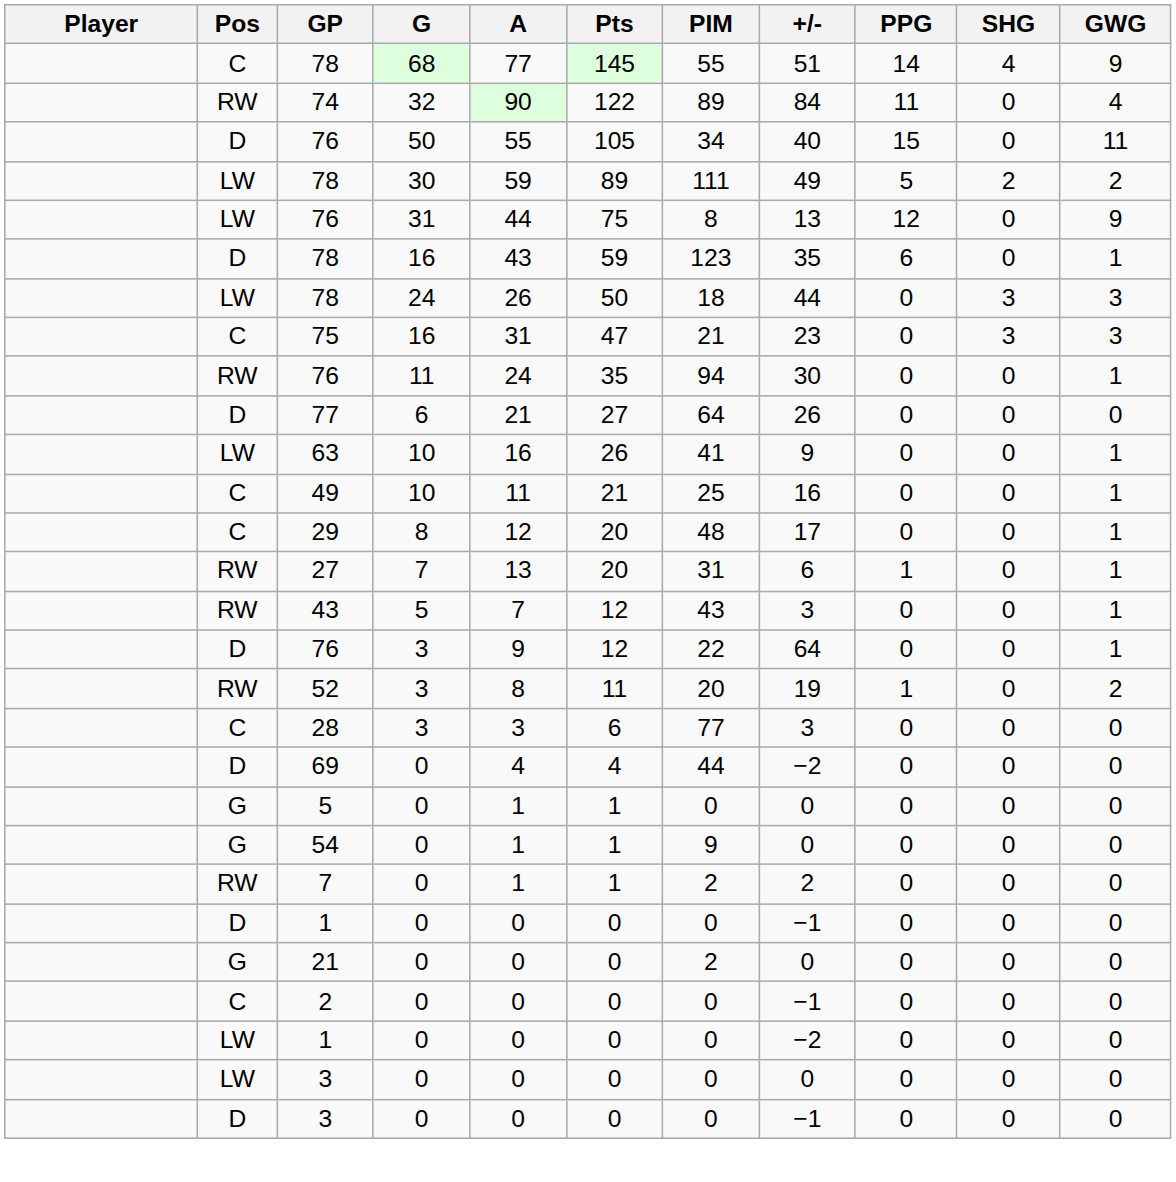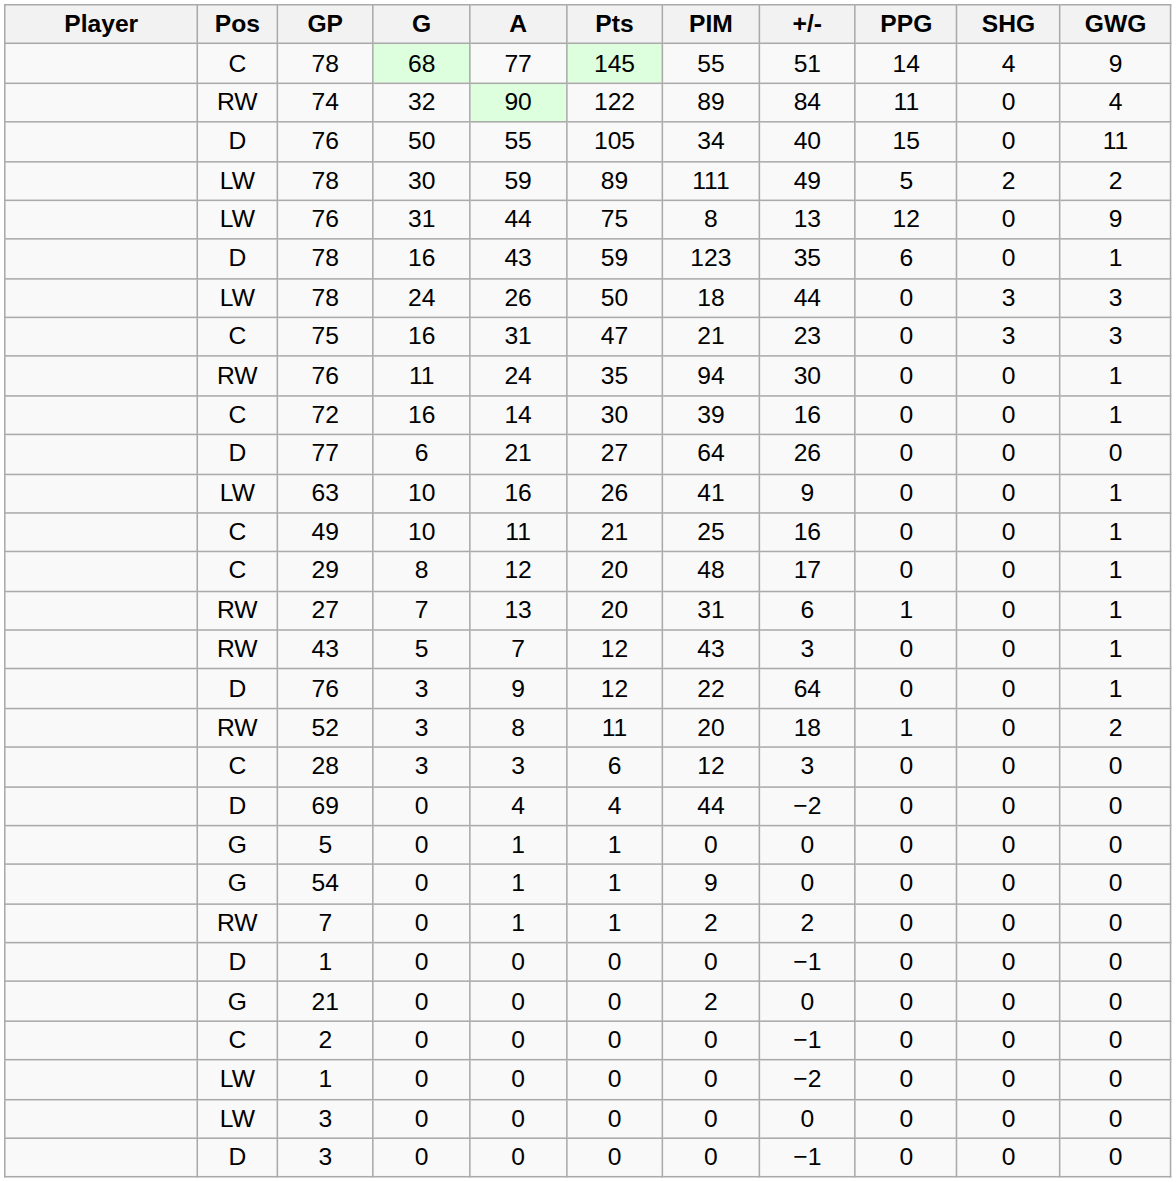 <table class="wikitable sortable" width="60%">
 <tr ALIGN="center">
 <th bgcolor="#DDDDFF" width="10%">Player</th>
 <th bgcolor="#DDDDFF" width="3%" title="Position">Pos</th>
 <th bgcolor="#DDDDFF" width="5%" title="Games played">GP</th>
 <th bgcolor="#DDDDFF" width="5%" title="Goals">G</th>
 <th bgcolor="#DDDDFF" width="5%" title="Assists">A</th>
 <th bgcolor="#DDDDFF" width="5%" title="Points">Pts</th>
 <th bgcolor="#DDDDFF" width="5%" title="Penalties in Minutes">PIM</th>
 <th bgcolor="#DDDDFF" width="5%" title="Plus/minus">+/-</th>
 <th bgcolor="#DDDDFF" width="5%" title="Power play goals">PPG</th>
 <th bgcolor="#DDDDFF" width="5%" title="Short-handed goals">SHG</th>
 <th bgcolor="#DDDDFF" width="5%" title="Game-winning goals">GWG</th>
 </tr>
 <tr align="center">
 <td align="right"></td>
 <td>C</td>
 <td>78</td>
 <td style="background:#DDFFDD;">68</td>
 <td>77</td>
 <td style="background:#DDFFDD;">145</td>
 <td>55</td>
 <td>51</td>
 <td>14</td>
 <td>4</td>
 <td>9</td>
 </tr>
 <tr align="center">
 <td align="right"></td>
 <td>RW</td>
 <td>74</td>
 <td>32</td>
 <td style="background:#DDFFDD;">90</td>
 <td>122</td>
 <td>89</td>
 <td>84</td>
 <td>11</td>
 <td>0</td>
 <td>4</td>
 </tr>
 <tr align="center">
 <td align="right"></td>
 <td>D</td>
 <td>76</td>
 <td>50</td>
 <td>55</td>
 <td>105</td>
 <td>34</td>
 <td>40</td>
 <td>15</td>
 <td>0</td>
 <td>11</td>
 </tr>
 <tr align="center">
 <td align="right"></td>
 <td>LW</td>
 <td>78</td>
 <td>30</td>
 <td>59</td>
 <td>89</td>
 <td>111</td>
 <td>49</td>
 <td>5</td>
 <td>2</td>
 <td>2</td>
 </tr>
 <tr align="center">
 <td align="right"></td>
 <td>LW</td>
 <td>76</td>
 <td>31</td>
 <td>44</td>
 <td>75</td>
 <td>8</td>
 <td>13</td>
 <td>12</td>
 <td>0</td>
 <td>9</td>
 </tr>
 <tr align="center">
 <td align="right"></td>
 <td>D</td>
 <td>78</td>
 <td>16</td>
 <td>43</td>
 <td>59</td>
 <td>123</td>
 <td>35</td>
 <td>6</td>
 <td>0</td>
 <td>1</td>
 </tr>
 <tr align="center">
 <td align="right"></td>
 <td>LW</td>
 <td>78</td>
 <td>24</td>
 <td>26</td>
 <td>50</td>
 <td>18</td>
 <td>44</td>
 <td>0</td>
 <td>3</td>
 <td>3</td>
 </tr>
 <tr align="center">
 <td align="right"></td>
 <td>C</td>
 <td>75</td>
 <td>16</td>
 <td>31</td>
 <td>47</td>
 <td>21</td>
 <td>23</td>
 <td>0</td>
 <td>3</td>
 <td>3</td>
 </tr>
 <tr align="center">
 <td align="right"></td>
 <td>RW</td>
 <td>76</td>
 <td>11</td>
 <td>24</td>
 <td>35</td>
 <td>94</td>
 <td>30</td>
 <td>0</td>
 <td>0</td>
 <td>1</td>
 </tr>
 <tr align="center">
 <td align="right"></td>
+<td>C</td>
+<td>72</td>
+<td>16</td>
+<td>14</td>
+<td>30</td>
+<td>39</td>
+<td>16</td>
+<td>0</td>
+<td>0</td>
+<td>1</td>
+</tr>
+<tr align="center">
+<td align="right"></td>
 <td>D</td>
 <td>77</td>
 <td>6</td>
 <td>21</td>
 <td>27</td>
 <td>64</td>
 <td>26</td>
 <td>0</td>
 <td>0</td>
 <td>0</td>
 </tr>
 <tr align="center">
 <td align="right"></td>
 <td>LW</td>
 <td>63</td>
 <td>10</td>
 <td>16</td>
 <td>26</td>
 <td>41</td>
 <td>9</td>
 <td>0</td>
 <td>0</td>
 <td>1</td>
 </tr>
 <tr align="center">
 <td align="right"></td>
 <td>C</td>
 <td>49</td>
 <td>10</td>
 <td>11</td>
 <td>21</td>
 <td>25</td>
 <td>16</td>
 <td>0</td>
 <td>0</td>
 <td>1</td>
 </tr>
 <tr align="center">
 <td align="right"></td>
 <td>C</td>
 <td>29</td>
 <td>8</td>
 <td>12</td>
 <td>20</td>
 <td>48</td>
 <td>17</td>
 <td>0</td>
 <td>0</td>
 <td>1</td>
 </tr>
 <tr align="center">
 <td align="right"></td>
 <td>RW</td>
 <td>27</td>
 <td>7</td>
 <td>13</td>
 <td>20</td>
 <td>31</td>
 <td>6</td>
 <td>1</td>
 <td>0</td>
 <td>1</td>
 </tr>
 <tr align="center">
 <td align="right"></td>
 <td>RW</td>
 <td>43</td>
 <td>5</td>
 <td>7</td>
 <td>12</td>
 <td>43</td>
 <td>3</td>
 <td>0</td>
 <td>0</td>
 <td>1</td>
 </tr>
 <tr align="center">
 <td align="right"></td>
 <td>D</td>
 <td>76</td>
 <td>3</td>
 <td>9</td>
 <td>12</td>
 <td>22</td>
 <td>64</td>
 <td>0</td>
 <td>0</td>
 <td>1</td>
 </tr>
 <tr align="center">
 <td align="right"></td>
 <td>RW</td>
 <td>52</td>
 <td>3</td>
 <td>8</td>
 <td>11</td>
 <td>20</td>
-<td>19</td>
+<td>18</td>
 <td>1</td>
 <td>0</td>
 <td>2</td>
 </tr>
 <tr align="center">
 <td align="right"></td>
 <td>C</td>
 <td>28</td>
 <td>3</td>
 <td>3</td>
 <td>6</td>
-<td>77</td>
+<td>12</td>
 <td>3</td>
 <td>0</td>
 <td>0</td>
 <td>0</td>
 </tr>
 <tr align="center">
 <td align="right"></td>
 <td>D</td>
 <td>69</td>
 <td>0</td>
 <td>4</td>
 <td>4</td>
 <td>44</td>
 <td>−2</td>
 <td>0</td>
 <td>0</td>
 <td>0</td>
 </tr>
 <tr align="center">
 <td align="right"></td>
 <td>G</td>
 <td>5</td>
 <td>0</td>
 <td>1</td>
 <td>1</td>
 <td>0</td>
 <td>0</td>
 <td>0</td>
 <td>0</td>
 <td>0</td>
 </tr>
 <tr align="center">
 <td align="right"></td>
 <td>G</td>
 <td>54</td>
 <td>0</td>
 <td>1</td>
 <td>1</td>
 <td>9</td>
 <td>0</td>
 <td>0</td>
 <td>0</td>
 <td>0</td>
 </tr>
 <tr align="center">
 <td align="right"></td>
 <td>RW</td>
 <td>7</td>
 <td>0</td>
 <td>1</td>
 <td>1</td>
 <td>2</td>
 <td>2</td>
 <td>0</td>
 <td>0</td>
 <td>0</td>
 </tr>
 <tr align="center">
 <td align="right"></td>
 <td>D</td>
 <td>1</td>
 <td>0</td>
 <td>0</td>
 <td>0</td>
 <td>0</td>
 <td>−1</td>
 <td>0</td>
 <td>0</td>
 <td>0</td>
 </tr>
 <tr align="center">
 <td align="right"></td>
 <td>G</td>
 <td>21</td>
 <td>0</td>
 <td>0</td>
 <td>0</td>
 <td>2</td>
 <td>0</td>
 <td>0</td>
 <td>0</td>
 <td>0</td>
 </tr>
 <tr align="center">
 <td align="right"></td>
 <td>C</td>
 <td>2</td>
 <td>0</td>
 <td>0</td>
 <td>0</td>
 <td>0</td>
 <td>−1</td>
 <td>0</td>
 <td>0</td>
 <td>0</td>
 </tr>
 <tr align="center">
 <td align="right"></td>
 <td>LW</td>
 <td>1</td>
 <td>0</td>
 <td>0</td>
 <td>0</td>
 <td>0</td>
 <td>−2</td>
 <td>0</td>
 <td>0</td>
 <td>0</td>
 </tr>
 <tr align="center">
 <td align="right"></td>
 <td>LW</td>
 <td>3</td>
 <td>0</td>
 <td>0</td>
 <td>0</td>
 <td>0</td>
 <td>0</td>
 <td>0</td>
 <td>0</td>
 <td>0</td>
 </tr>
 <tr align="center">
 <td align="right"></td>
 <td>D</td>
 <td>3</td>
 <td>0</td>
 <td>0</td>
 <td>0</td>
 <td>0</td>
 <td>−1</td>
 <td>0</td>
 <td>0</td>
 <td>0</td>
 </tr>
 </table>
